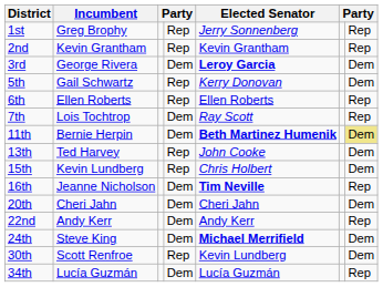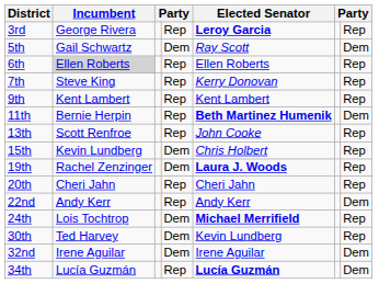 <table class="sortable wikitable" style="font-size:95%;line-height:14px;">
 <tr>
 <th>District</th>
 <th class="unsortable"><a href='#'>Incumbent</a></th>
 <th colspan="2">Party</th>
 <th class="unsortable">Elected Senator</th>
 <th colspan="2">Party</th>
 </tr>
 <tr>
-<td><a href='#'>1st</a></td>
-<td><a href='#'>Greg Brophy</a></td>
-<td style="background:"></td>
-<td>Rep</td>
-<td><em><a href='#'>Jerry Sonnenberg</a></em></td>
-<td style="background:"></td>
-<td>Rep</td>
-</tr>
-<tr>
-<td><a href='#'>2nd</a></td>
-<td><a href='#'>Kevin Grantham</a></td>
-<td style="background:"></td>
-<td>Rep</td>
-<td><a href='#'>Kevin Grantham</a></td>
-<td style="background:"></td>
-<td>Rep</td>
-</tr>
-<tr>
 <td><a href='#'>3rd</a></td>
 <td><a href='#'>George Rivera</a></td>
 <td style="background:"></td>
-<td>Dem</td>
+<td>Rep</td>
 <td><strong><a href='#'>Leroy Garcia</a></strong></td>
 <td style="background:"></td>
-<td>Dem</td>
+<td>Rep</td>
 </tr>
 <tr>
 <td><a href='#'>5th</a></td>
 <td><a href='#'>Gail Schwartz</a></td>
 <td style="background:"></td>
-<td>Rep</td>
-<td><em><a href='#'>Kerry Donovan</a></em></td>
+<td>Dem</td>
+<td><em><a href='#'>Ray Scott</a></em></td>
 <td style="background:"></td>
 <td>Dem</td>
 </tr>
 <tr>
 <td><a href='#'>6th</a></td>
-<td><a href='#'>Ellen Roberts</a></td>
+<td style="background: lightgrey;"><a href='#'>Ellen Roberts</a></td>
 <td style="background:"></td>
 <td>Rep</td>
 <td><a href='#'>Ellen Roberts</a></td>
 <td style="background:"></td>
 <td>Rep</td>
 </tr>
 <tr>
 <td><a href='#'>7th</a></td>
-<td><a href='#'>Lois Tochtrop</a></td>
+<td><a href='#'>Steve King</a></td>
 <td style="background:"></td>
-<td>Dem</td>
-<td><em><a href='#'>Ray Scott</a></em></td>
+<td>Rep</td>
+<td><em><a href='#'>Kerry Donovan</a></em></td>
+<td style="background:"></td>
+<td>Rep</td>
+</tr>
+<tr>
+<td><a href='#'>9th</a></td>
+<td><a href='#'>Kent Lambert</a></td>
+<td style="background:"></td>
+<td>Rep</td>
+<td><a href='#'>Kent Lambert</a></td>
 <td style="background:"></td>
 <td>Rep</td>
 </tr>
 <tr>
 <td><a href='#'>11th</a></td>
 <td><a href='#'>Bernie Herpin</a></td>
 <td style="background:"></td>
-<td>Dem</td>
+<td>Rep</td>
 <td><strong><a href='#'>Beth Martinez Humenik</a></strong></td>
 <td style="background:"></td>
-<td style="background: khaki;">Dem</td>
+<td>Dem</td>
 </tr>
 <tr>
 <td><a href='#'>13th</a></td>
-<td><a href='#'>Ted Harvey</a></td>
+<td><a href='#'>Scott Renfroe</a></td>
 <td style="background:"></td>
 <td>Rep</td>
 <td><em><a href='#'>John Cooke</a></em></td>
 <td style="background:"></td>
-<td>Dem</td>
+<td>Rep</td>
 </tr>
 <tr>
 <td><a href='#'>15th</a></td>
 <td><a href='#'>Kevin Lundberg</a></td>
 <td style="background:"></td>
-<td>Rep</td>
+<td>Dem</td>
 <td><em><a href='#'>Chris Holbert</a></em></td>
 <td style="background:"></td>
-<td>Dem</td>
+<td>Rep</td>
 </tr>
 <tr>
-<td><a href='#'>16th</a></td>
-<td><a href='#'>Jeanne Nicholson</a></td>
+<td><a href='#'>19th</a></td>
+<td><a href='#'>Rachel Zenzinger</a></td>
 <td style="background:"></td>
 <td>Dem</td>
-<td><strong><a href='#'>Tim Neville</a></strong></td>
+<td><strong><a href='#'>Laura J. Woods</a></strong></td>
 <td style="background:"></td>
 <td>Rep</td>
 </tr>
 <tr>
 <td><a href='#'>20th</a></td>
 <td><a href='#'>Cheri Jahn</a></td>
 <td style="background:"></td>
-<td>Dem</td>
+<td>Rep</td>
 <td><a href='#'>Cheri Jahn</a></td>
 <td style="background:"></td>
-<td>Dem</td>
+<td>Rep</td>
 </tr>
 <tr>
 <td><a href='#'>22nd</a></td>
 <td><a href='#'>Andy Kerr</a></td>
 <td style="background:"></td>
+<td>Rep</td>
+<td><a href='#'>Andy Kerr</a></td>
+<td style="background:"></td>
 <td>Dem</td>
-<td><a href='#'>Andy Kerr</a></td>
+</tr>
+<tr>
+<td><a href='#'>24th</a></td>
+<td><a href='#'>Lois Tochtrop</a></td>
+<td style="background:"></td>
+<td>Dem</td>
+<td><strong><a href='#'>Michael Merrifield</a></strong></td>
 <td style="background:"></td>
 <td>Rep</td>
 </tr>
 <tr>
-<td><a href='#'>24th</a></td>
-<td><a href='#'>Steve King</a></td>
+<td><a href='#'>30th</a></td>
+<td><a href='#'>Ted Harvey</a></td>
 <td style="background:"></td>
 <td>Dem</td>
-<td><strong><a href='#'>Michael Merrifield</a></strong></td>
+<td><a href='#'>Kevin Lundberg</a></td>
+<td style="background:"></td>
+<td>Rep</td>
+</tr>
+<tr>
+<td><a href='#'>32nd</a></td>
+<td><a href='#'>Irene Aguilar</a></td>
 <td style="background:"></td>
 <td>Dem</td>
-</tr>
-<tr>
-<td><a href='#'>30th</a></td>
-<td><a href='#'>Scott Renfroe</a></td>
-<td style="background:"></td>
-<td>Rep</td>
-<td><a href='#'>Kevin Lundberg</a></td>
+<td><a href='#'>Irene Aguilar</a></td>
 <td style="background:"></td>
 <td>Dem</td>
 </tr>
 <tr>
 <td><a href='#'>34th</a></td>
 <td><a href='#'>Lucía Guzmán</a></td>
 <td style="background:"></td>
+<td>Rep</td>
+<td><strong><a href='#'>Lucía Guzmán</a></strong></td>
+<td style="background:"></td>
 <td>Dem</td>
-<td><a href='#'>Lucía Guzmán</a></td>
-<td style="background:"></td>
-<td>Rep</td>
 </tr>
 </table>
